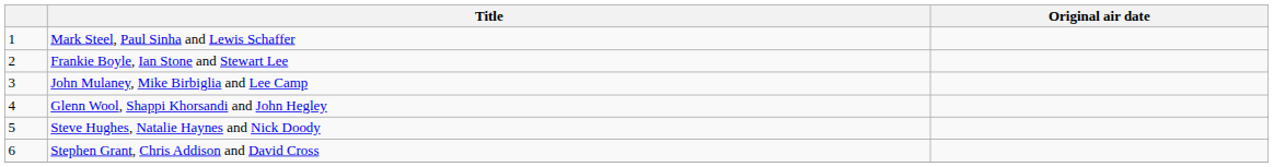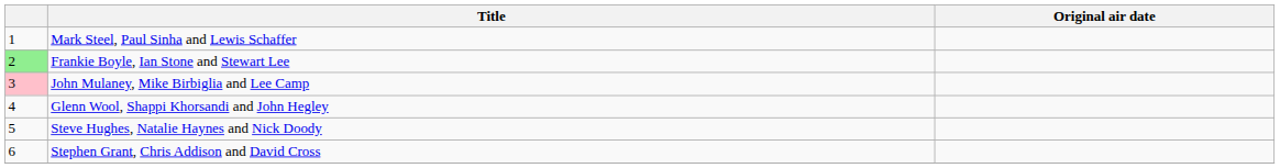 <table class="wikitable sortable" style="width:90%;">
 <tr>
 <th></th>
 <th>Title</th>
 <th>Original air date</th>
 </tr>
 <tr>
 <td>1</td>
 <td><a href='#'>Mark Steel</a>, <a href='#'>Paul Sinha</a> and <a href='#'>Lewis Schaffer</a></td>
 <td></td>
 </tr>
 <tr>
-<td>2</td>
+<td style="background: lightgreen;">2</td>
 <td><a href='#'>Frankie Boyle</a>, <a href='#'>Ian Stone</a> and <a href='#'>Stewart Lee</a></td>
 <td></td>
 </tr>
 <tr>
-<td>3</td>
+<td style="background: pink;">3</td>
 <td><a href='#'>John Mulaney</a>, <a href='#'>Mike Birbiglia</a> and <a href='#'>Lee Camp</a></td>
 <td></td>
 </tr>
 <tr>
 <td>4</td>
 <td><a href='#'>Glenn Wool</a>, <a href='#'>Shappi Khorsandi</a> and <a href='#'>John Hegley</a></td>
 <td></td>
 </tr>
 <tr>
 <td>5</td>
 <td><a href='#'>Steve Hughes</a>, <a href='#'>Natalie Haynes</a> and <a href='#'>Nick Doody</a></td>
 <td></td>
 </tr>
 <tr>
 <td>6</td>
 <td><a href='#'>Stephen Grant</a>, <a href='#'>Chris Addison</a> and <a href='#'>David Cross</a></td>
 <td></td>
 </tr>
 <tr>
 </tr>
 </table>
